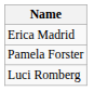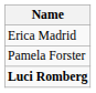 <table class="wikitable">
 <tr>
 <th>Name</th>
 </tr>
 <tr>
 <td> Erica Madrid</td>
 </tr>
 <tr>
 <td> Pamela Forster</td>
 </tr>
 <tr>
-<td> Luci Romberg</td>
+<td><strong> Luci Romberg</strong></td>
 </tr>
 </table>
